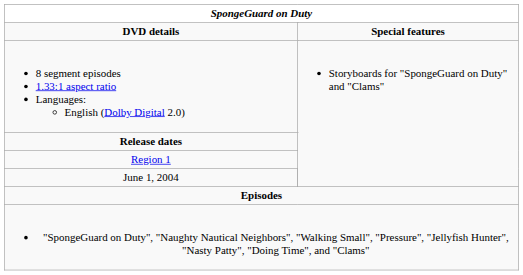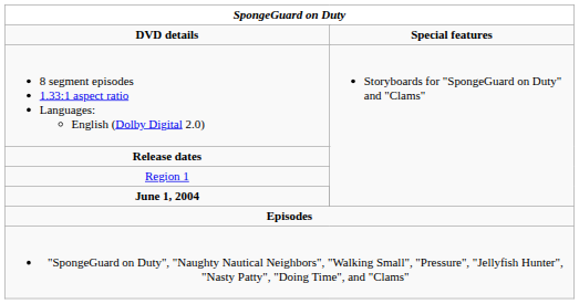 <table class="wikitable" style="font-size: 95%;">
 <tr style="background:#FFF; color:#000;">
 <td colspan="4" align="center"><strong><em>SpongeGuard on Duty</em></strong></td>
 </tr>
 <tr valign="top">
 <td style="text-align:center; width:400px;" colspan="3"><strong>DVD details</strong></td>
 <td style="width:300px; text-align:center;"><strong>Special features</strong></td>
 </tr>
 <tr valign="top">
 <td colspan="3" style="text-align:left; width:400px;"><br><ul><li>8 segment episodes</li><li><a href='#'>1.33:1 aspect ratio</a></li><li>Languages:<ul><li>English (<a href='#'>Dolby Digital</a> 2.0)</li></ul></li></ul></td>
 <td rowspan="4" style="text-align:left; width:300px;"><br><ul><li>Storyboards for "SpongeGuard on Duty" and "Clams"</li></ul></td>
 </tr>
 <tr>
 <td colspan="3" style="text-align:center;"><strong>Release dates</strong></td>
 </tr>
 <tr>
 <td colspan="3" style="text-align:center;"><a href='#'>Region 1</a></td>
 </tr>
 <tr style="text-align:center;">
-<td>June 1, 2004</td>
+<td><strong>June 1, 2004</strong></td>
 </tr>
 <tr>
 <td style="text-align:center; width:400px;" colspan="4"><strong>Episodes</strong></td>
 </tr>
 <tr>
 <td style="text-align:center; width:400px;" colspan="4"><br><ul><li>"SpongeGuard on Duty", "Naughty Nautical Neighbors", "Walking Small", "Pressure", "Jellyfish Hunter", "Nasty Patty", "Doing Time", and "Clams"</li></ul></td>
 </tr>
 </table>
